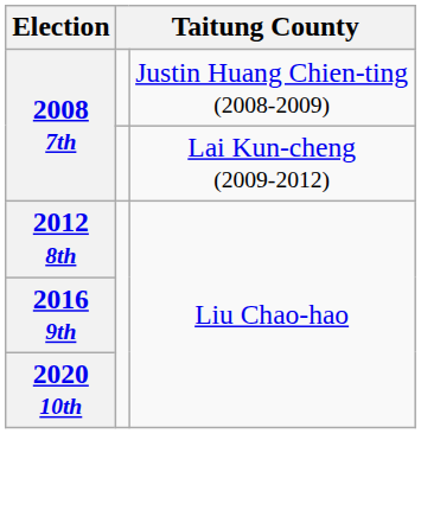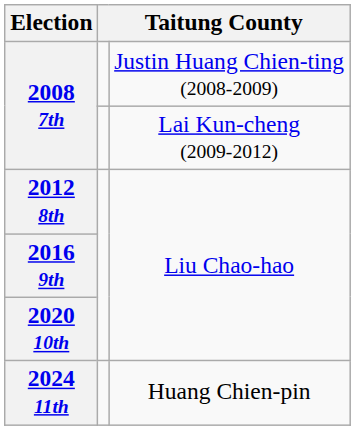 <table class="wikitable" align="center" style="text-align:center">
 <tr>
 <th>Election</th>
 <th colspan="2" width="80px">Taitung County</th>
 </tr>
 <tr>
 <th rowspan=2><a href='#'>2008</a><br><small><em><a href='#'>7th</a></em></small><br></th>
 <td style="color:inherit;background:"></td>
 <td><a href='#'>Justin Huang Chien-ting</a><br><small>(2008-2009)</small><br></td>
 </tr>
 <tr>
 <td style="color:inherit;background:"></td>
 <td><a href='#'>Lai Kun-cheng</a><br><small>(2009-2012)</small><br></td>
 </tr>
 <tr>
 <th><a href='#'>2012</a><br><small><em><a href='#'>8th</a></em></small><br></th>
 <td rowspan="3" style="color:inherit;background:"></td>
 <td rowspan="3"><a href='#'>Liu Chao-hao</a></td>
 </tr>
 <tr>
 <th><a href='#'>2016</a><br><small><em><a href='#'>9th</a></em></small><br></th>
 </tr>
 <tr>
 <th><a href='#'>2020</a><br><small><em><a href='#'>10th</a></em></small><br></th>
 </tr>
+<tr>
+<th><a href='#'>2024</a><br><small><em><a href='#'>11th</a></em></small><br></th>
+<td style="color:inherit;background:"></td>
+<td>Huang Chien-pin</td>
+</tr>
 </table>
